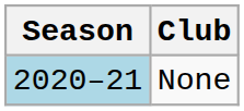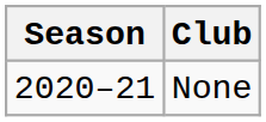 <table class="wikitable sortable" style="text-align:center">
 <tr>
 <th>Season</th>
 <th>Club</th>
 </tr>
 <tr>
-<td style="background: lightblue;">2020–21</td>
+<td>2020–21</td>
 <td align="left">None</td>
 </tr>
 </table>
